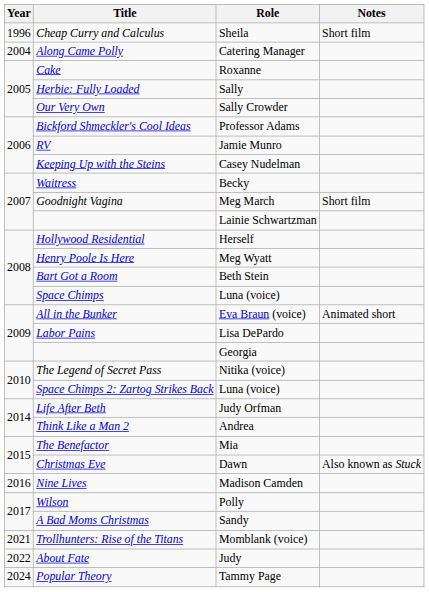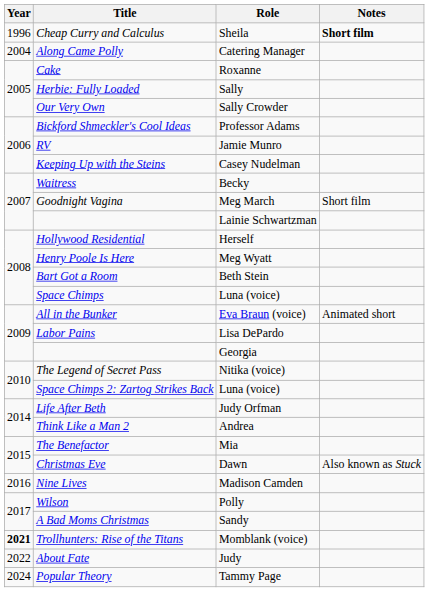 <table class="wikitable sortable">
 <tr>
 <th>Year</th>
 <th>Title</th>
 <th>Role</th>
 <th class="unsortable">Notes</th>
 </tr>
 <tr>
 <td>1996</td>
 <td><em>Cheap Curry and Calculus</em></td>
 <td>Sheila</td>
-<td>Short film</td>
+<td><strong>Short film</strong></td>
 </tr>
 <tr>
 <td>2004</td>
 <td><em><a href='#'>Along Came Polly</a></em></td>
 <td>Catering Manager</td>
 <td></td>
 </tr>
 <tr>
 <td rowspan="3">2005</td>
 <td><em><a href='#'>Cake</a></em></td>
 <td>Roxanne</td>
 <td></td>
 </tr>
 <tr>
 <td><em><a href='#'>Herbie: Fully Loaded</a></em></td>
 <td>Sally</td>
 <td></td>
 </tr>
 <tr>
 <td><em><a href='#'>Our Very Own</a></em></td>
 <td>Sally Crowder</td>
 <td></td>
 </tr>
 <tr>
 <td rowspan="3">2006</td>
 <td><em><a href='#'>Bickford Shmeckler's Cool Ideas</a></em></td>
 <td>Professor Adams</td>
 <td></td>
 </tr>
 <tr>
 <td><em><a href='#'>RV</a></em></td>
 <td>Jamie Munro</td>
 <td></td>
 </tr>
 <tr>
 <td><em><a href='#'>Keeping Up with the Steins</a></em></td>
 <td>Casey Nudelman</td>
 <td></td>
 </tr>
 <tr>
 <td rowspan="3">2007</td>
 <td><em><a href='#'>Waitress</a></em></td>
 <td>Becky</td>
 <td></td>
 </tr>
 <tr>
 <td><em>Goodnight Vagina</em></td>
 <td>Meg March</td>
 <td>Short film</td>
 </tr>
 <tr>
 <td><em></em></td>
 <td>Lainie Schwartzman</td>
 <td></td>
 </tr>
 <tr>
 <td rowspan="4">2008</td>
 <td><em><a href='#'>Hollywood Residential</a></em></td>
 <td>Herself</td>
 <td></td>
 </tr>
 <tr>
 <td><em><a href='#'>Henry Poole Is Here</a></em></td>
 <td>Meg Wyatt</td>
 <td></td>
 </tr>
 <tr>
 <td><em><a href='#'>Bart Got a Room</a></em></td>
 <td>Beth Stein</td>
 <td></td>
 </tr>
 <tr>
 <td><em><a href='#'>Space Chimps</a></em></td>
 <td>Luna (voice)</td>
 <td></td>
 </tr>
 <tr>
 <td rowspan="3">2009</td>
 <td><em><a href='#'>All in the Bunker</a></em></td>
 <td><a href='#'>Eva Braun</a> (voice)</td>
 <td>Animated short</td>
 </tr>
 <tr>
 <td><em><a href='#'>Labor Pains</a></em></td>
 <td>Lisa DePardo</td>
 <td></td>
 </tr>
 <tr>
 <td><em></em></td>
 <td>Georgia</td>
 <td></td>
 </tr>
 <tr>
 <td rowspan="2">2010</td>
 <td><em>The Legend of Secret Pass</em></td>
 <td>Nitika (voice)</td>
 <td></td>
 </tr>
 <tr>
 <td><em><a href='#'>Space Chimps 2: Zartog Strikes Back</a></em></td>
 <td>Luna (voice)</td>
 <td></td>
 </tr>
 <tr>
 <td rowspan="2">2014</td>
 <td><em><a href='#'>Life After Beth</a></em></td>
 <td>Judy Orfman</td>
 <td></td>
 </tr>
 <tr>
 <td><em><a href='#'>Think Like a Man 2</a></em></td>
 <td>Andrea</td>
 <td></td>
 </tr>
 <tr>
 <td rowspan="2">2015</td>
 <td><em><a href='#'>The Benefactor</a></em></td>
 <td>Mia</td>
 <td></td>
 </tr>
 <tr>
 <td><em><a href='#'>Christmas Eve</a></em></td>
 <td>Dawn</td>
 <td>Also known as <em>Stuck</em></td>
 </tr>
 <tr>
 <td>2016</td>
 <td><em><a href='#'>Nine Lives</a></em></td>
 <td>Madison Camden</td>
 <td></td>
 </tr>
 <tr>
 <td rowspan="2">2017</td>
 <td><em><a href='#'>Wilson</a></em></td>
 <td>Polly</td>
 <td></td>
 </tr>
 <tr>
 <td><em><a href='#'>A Bad Moms Christmas</a></em></td>
 <td>Sandy</td>
 <td></td>
 </tr>
 <tr>
-<td>2021</td>
+<td><strong>2021</strong></td>
 <td><em><a href='#'>Trollhunters: Rise of the Titans</a></em></td>
 <td>Momblank (voice)</td>
 <td></td>
 </tr>
 <tr>
 <td>2022</td>
 <td><em><a href='#'>About Fate</a></em></td>
 <td>Judy</td>
 <td></td>
 </tr>
 <tr>
 <td>2024</td>
 <td><em><a href='#'>Popular Theory</a></em></td>
 <td>Tammy Page</td>
 <td></td>
 </tr>
 </table>
